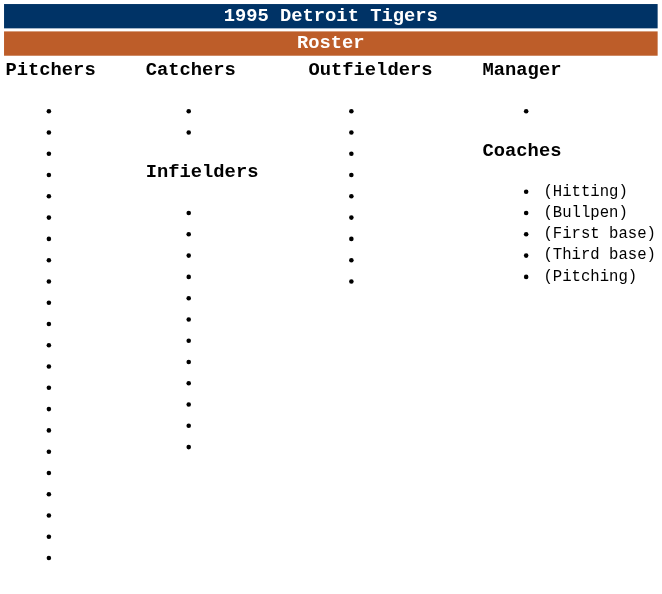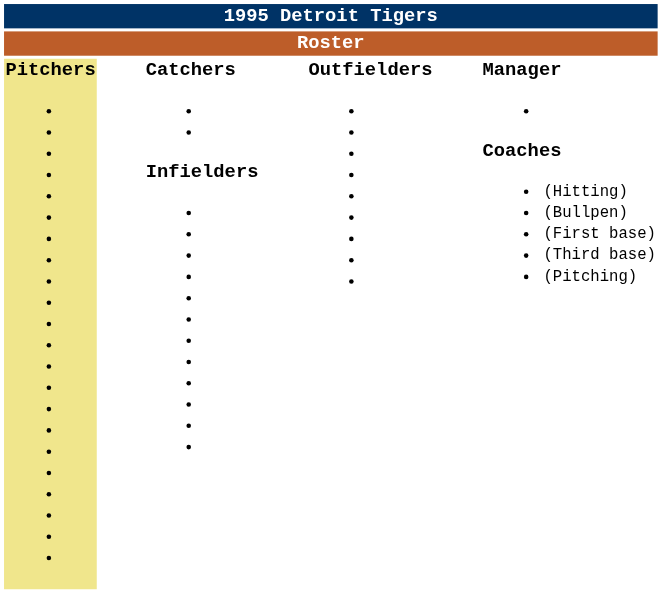 <table class="toccolours" style="font-size: 95%;">
 <tr>
 <th colspan="10" style="background-color: #003366; color: white; text-align: center;">1995 Detroit Tigers</th>
 </tr>
 <tr>
 <td colspan="10" style="background-color: #bd5d29; color: white; text-align: center;"><strong>Roster</strong></td>
 </tr>
 <tr>
-<td valign="top"><strong>Pitchers</strong><br><ul><li></li><li></li><li></li><li></li><li></li><li></li><li></li><li></li><li></li><li></li><li></li><li></li><li></li><li></li><li></li><li></li><li></li><li></li><li></li><li></li><li></li><li></li></ul></td>
+<td valign="top" style="background: khaki;"><strong>Pitchers</strong><br><ul><li></li><li></li><li></li><li></li><li></li><li></li><li></li><li></li><li></li><li></li><li></li><li></li><li></li><li></li><li></li><li></li><li></li><li></li><li></li><li></li><li></li><li></li></ul></td>
 <td width="25px"></td>
 <td valign="top"><strong>Catchers</strong><br><ul><li></li><li></li></ul><strong>Infielders</strong><ul><li></li><li></li><li></li><li></li><li></li><li></li><li></li><li></li><li></li><li></li><li></li><li></li></ul></td>
 <td width="25px"></td>
 <td valign="top"><strong>Outfielders</strong><br><ul><li></li><li></li><li></li><li></li><li></li><li></li><li></li><li></li><li></li></ul></td>
 <td width="25px"></td>
 <td valign="top"><strong>Manager</strong><br><ul><li></li></ul><strong>Coaches</strong><ul><li> <small>(Hitting)</small></li><li> <small>(Bullpen)</small></li><li> <small>(First base)</small></li><li> <small>(Third base)</small></li><li> <small>(Pitching)</small></li></ul></td>
 </tr>
 <tr>
 </tr>
 </table>
